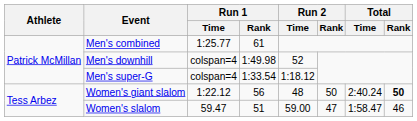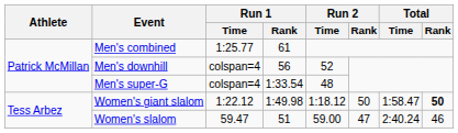 <table class="wikitable" style="font-size:90%">
 <tr>
 <th rowspan=2>Athlete</th>
 <th rowspan=2>Event</th>
 <th colspan=2>Run 1</th>
 <th colspan=2>Run 2</th>
 <th colspan=2>Total</th>
 </tr>
 <tr style="font-size:95%">
 <th>Time</th>
 <th>Rank</th>
 <th>Time</th>
 <th>Rank</th>
 <th>Time</th>
 <th>Rank</th>
 </tr>
 <tr align=center>
 <td align=left rowspan=3><a href='#'>Patrick McMillan</a></td>
 <td align=left><a href='#'>Men's combined</a></td>
 <td>1:25.77</td>
 <td>61</td>
 <td colspan=4></td>
 </tr>
 <tr align=center>
 <td align=left><a href='#'>Men's downhill</a></td>
 <td>colspan=4 </td>
-<td>1:49.98</td>
+<td>56</td>
 <td>52</td>
 </tr>
 <tr align=center>
 <td align=left><a href='#'>Men's super-G</a></td>
 <td>colspan=4 </td>
 <td>1:33.54</td>
-<td>1:18.12</td>
+<td>48</td>
 </tr>
 <tr align=center>
 <td align=left rowspan=2><a href='#'>Tess Arbez</a></td>
 <td align=left><a href='#'>Women's giant slalom</a></td>
 <td>1:22.12</td>
-<td>56</td>
-<td>48</td>
+<td>1:49.98</td>
+<td>1:18.12</td>
 <td>50</td>
-<td>2:40.24</td>
+<td>1:58.47</td>
 <td><strong>50</strong></td>
 </tr>
 <tr align=center>
 <td align=left><a href='#'>Women's slalom</a></td>
 <td>59.47</td>
 <td>51</td>
 <td>59.00</td>
 <td>47</td>
-<td>1:58.47</td>
+<td>2:40.24</td>
 <td>46</td>
 </tr>
 </table>
